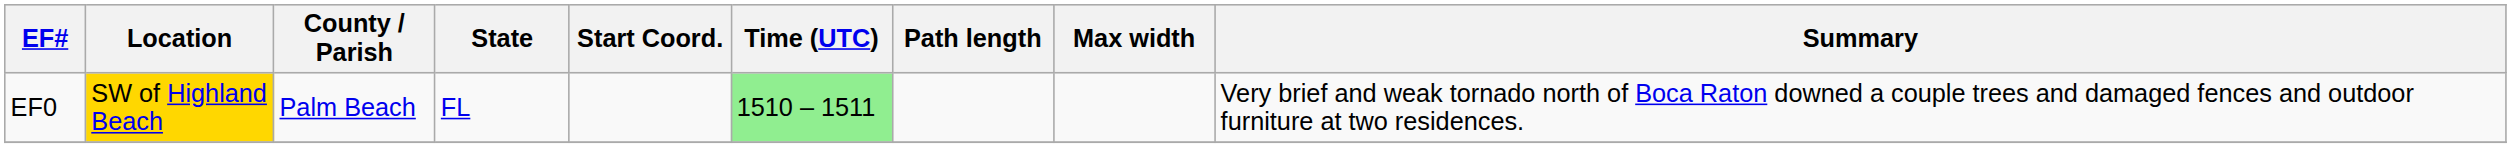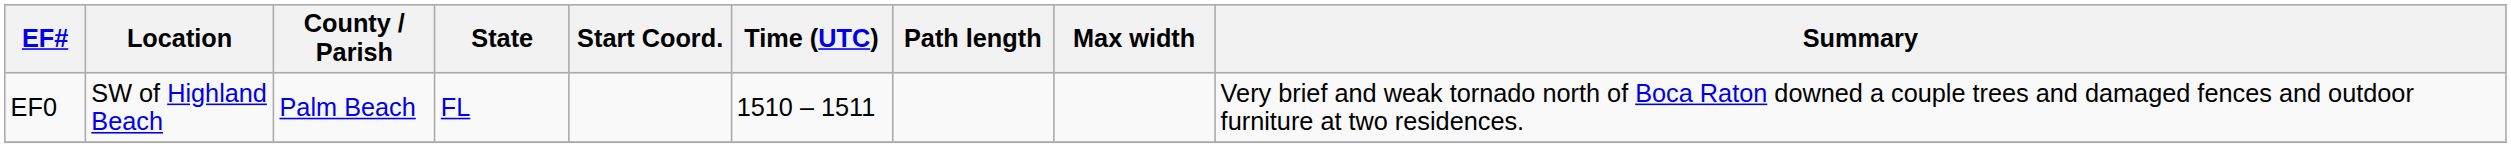 <table class="wikitable sortable" style="width:100%;">
 <tr>
 <th scope="col" width="3%" align="center"><a href='#'>EF#</a></th>
 <th scope="col" width="7%" align="center" class="unsortable">Location</th>
 <th scope="col" width="6%" align="center" class="unsortable">County / Parish</th>
 <th scope="col" width="5%" align="center">State</th>
 <th scope="col" width="6%" align="center">Start Coord.</th>
 <th scope="col" width="6%" align="center">Time (<a href='#'>UTC</a>)</th>
 <th scope="col" width="6%" align="center">Path length</th>
 <th scope="col" width="6%" align="center">Max width</th>
 <th scope="col" width="48%" class="unsortable" align="center">Summary</th>
 </tr>
 <tr>
 <td>EF0</td>
-<td style="background: gold;">SW of <a href='#'>Highland Beach</a></td>
+<td>SW of <a href='#'>Highland Beach</a></td>
 <td><a href='#'>Palm Beach</a></td>
 <td><a href='#'>FL</a></td>
 <td></td>
-<td style="background: lightgreen;">1510 – 1511</td>
+<td>1510 – 1511</td>
 <td></td>
 <td></td>
 <td>Very brief and weak tornado north of <a href='#'>Boca Raton</a> downed a couple trees and damaged fences and outdoor furniture at two residences.</td>
 </tr>
 <tr>
 </tr>
 </table>
